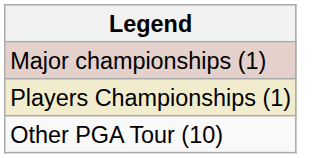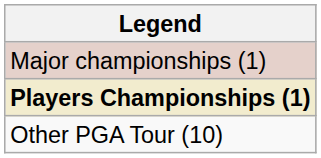 <table class="wikitable" style="font-size:95%;">
 <tr>
 <th>Legend</th>
 </tr>
 <tr style="background:#e5d1cb;">
 <td>Major championships (1)</td>
 </tr>
 <tr style="background:#f2ecce;">
-<td>Players Championships (1)</td>
+<td><strong>Players Championships (1)</strong></td>
 </tr>
 <tr>
 <td>Other PGA Tour (10)</td>
 </tr>
 </table>
